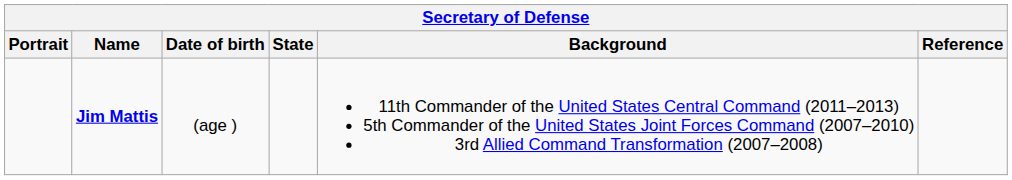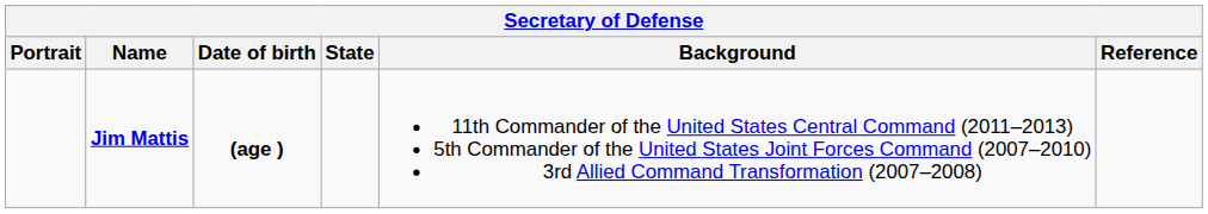 <table class="wikitable collapsible" style="text-align:center;">
 <tr>
 <th colspan="6"><a href='#'>Secretary of Defense</a></th>
 </tr>
 <tr>
 <th>Portrait</th>
 <th>Name</th>
 <th>Date of birth</th>
 <th>State</th>
 <th>Background</th>
 <th>Reference</th>
 </tr>
 <tr>
 <td></td>
 <td><strong><a href='#'>Jim Mattis</a></strong></td>
-<td><br>(age )</td>
+<td><strong><br>(age )</strong></td>
 <td></td>
 <td><br><ul><li>11th Commander of the <a href='#'>United States Central Command</a> (2011–2013)</li><li>5th Commander of the <a href='#'>United States Joint Forces Command</a> (2007–2010)</li><li>3rd <a href='#'>Allied Command Transformation</a> (2007–2008)</li></ul></td>
 <td></td>
 </tr>
 </table>
